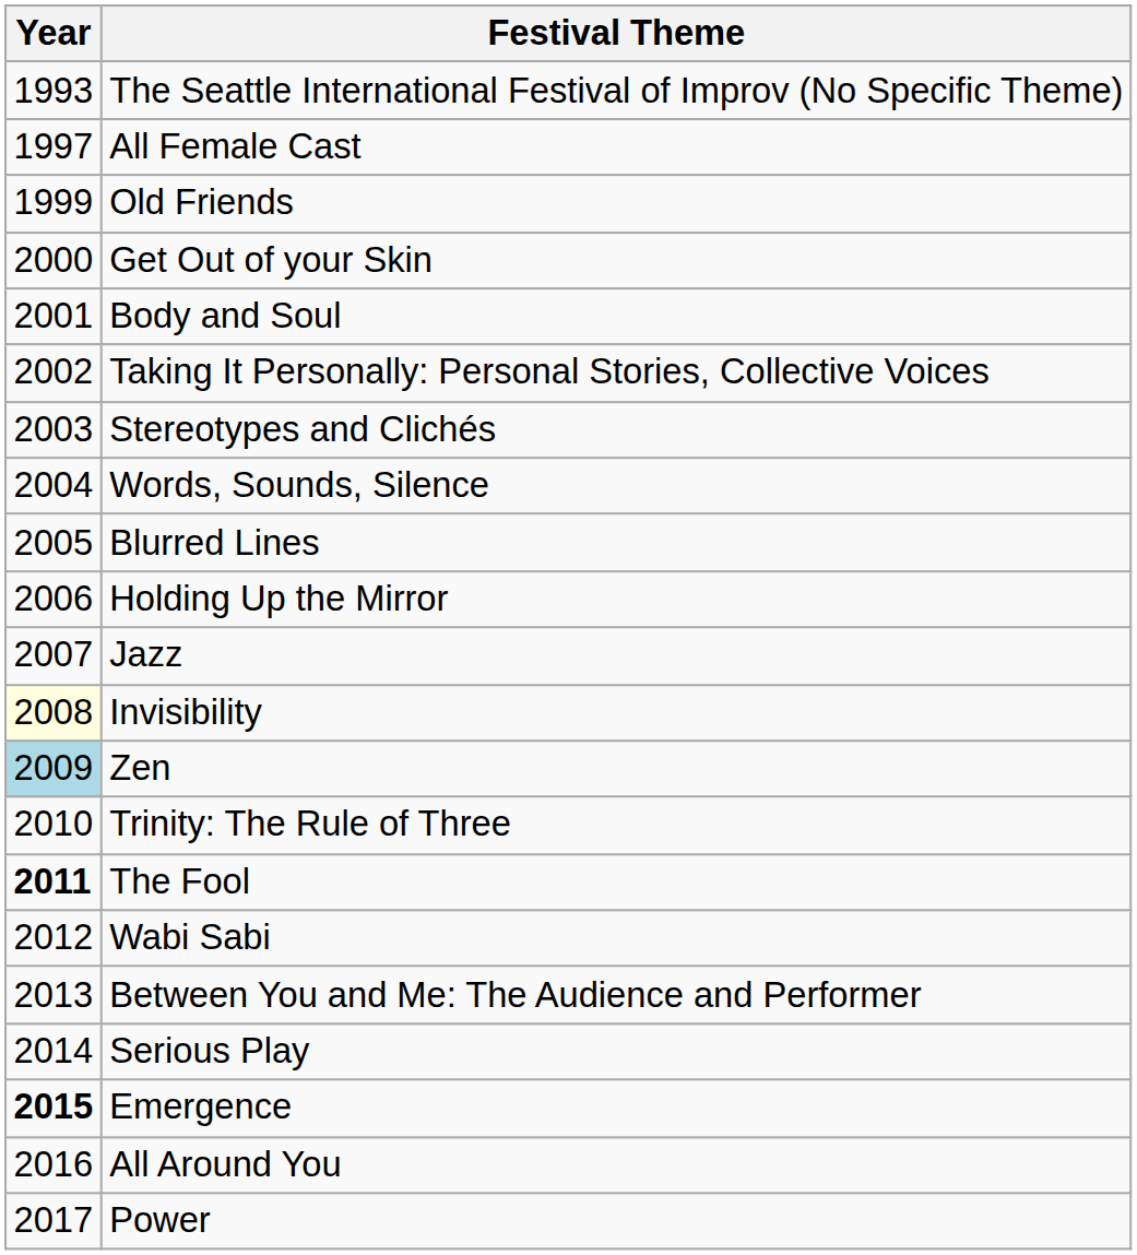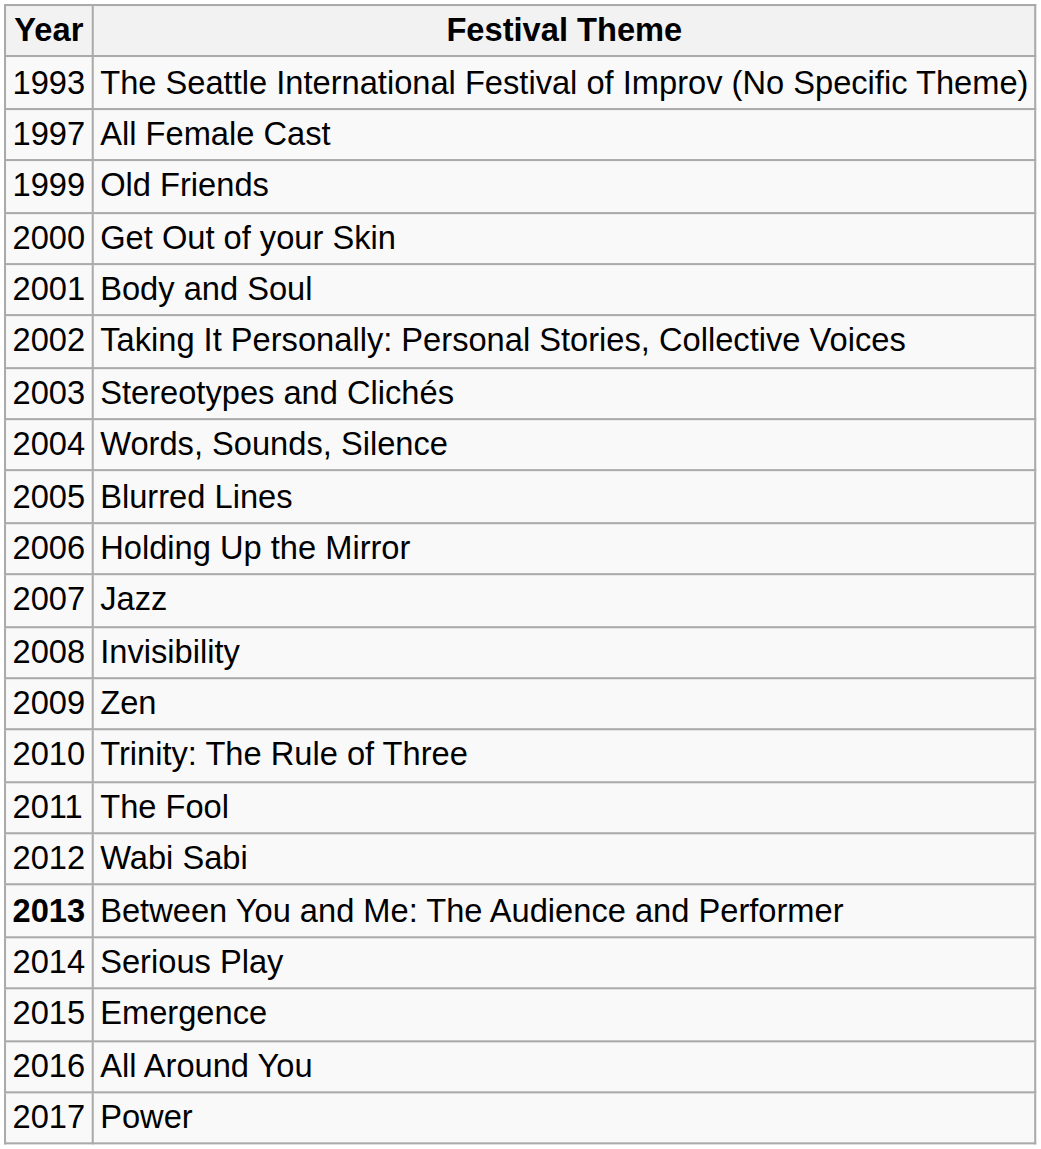 <table class="wikitable">
 <tr>
 <th>Year</th>
 <th>Festival Theme</th>
 </tr>
 <tr>
 <td>1993</td>
 <td>The Seattle International Festival of Improv (No Specific Theme)</td>
 </tr>
 <tr>
 <td>1997</td>
 <td>All Female Cast</td>
 </tr>
 <tr>
 <td>1999</td>
 <td>Old Friends</td>
 </tr>
 <tr>
 <td>2000</td>
 <td>Get Out of your Skin</td>
 </tr>
 <tr>
 <td>2001</td>
 <td>Body and Soul</td>
 </tr>
 <tr>
 <td>2002</td>
 <td>Taking It Personally: Personal Stories, Collective Voices</td>
 </tr>
 <tr>
 <td>2003</td>
 <td>Stereotypes and Clichés</td>
 </tr>
 <tr>
 <td>2004</td>
 <td>Words, Sounds, Silence</td>
 </tr>
 <tr>
 <td>2005</td>
 <td>Blurred Lines</td>
 </tr>
 <tr>
 <td>2006</td>
 <td>Holding Up the Mirror</td>
 </tr>
 <tr>
 <td>2007</td>
 <td>Jazz</td>
 </tr>
 <tr>
-<td style="background: lightyellow;">2008</td>
+<td>2008</td>
 <td>Invisibility</td>
 </tr>
 <tr>
-<td style="background: lightblue;">2009</td>
+<td>2009</td>
 <td>Zen</td>
 </tr>
 <tr>
 <td>2010</td>
 <td>Trinity: The Rule of Three</td>
 </tr>
 <tr>
-<td><strong>2011</strong></td>
+<td>2011</td>
 <td>The Fool</td>
 </tr>
 <tr>
 <td>2012</td>
 <td>Wabi Sabi</td>
 </tr>
 <tr>
-<td>2013</td>
+<td><strong>2013</strong></td>
 <td>Between You and Me: The Audience and Performer</td>
 </tr>
 <tr>
 <td>2014</td>
 <td>Serious Play</td>
 </tr>
 <tr>
-<td><strong>2015</strong></td>
+<td>2015</td>
 <td>Emergence</td>
 </tr>
 <tr>
 <td>2016</td>
 <td>All Around You</td>
 </tr>
 <tr>
 <td>2017</td>
 <td>Power</td>
 </tr>
 </table>
